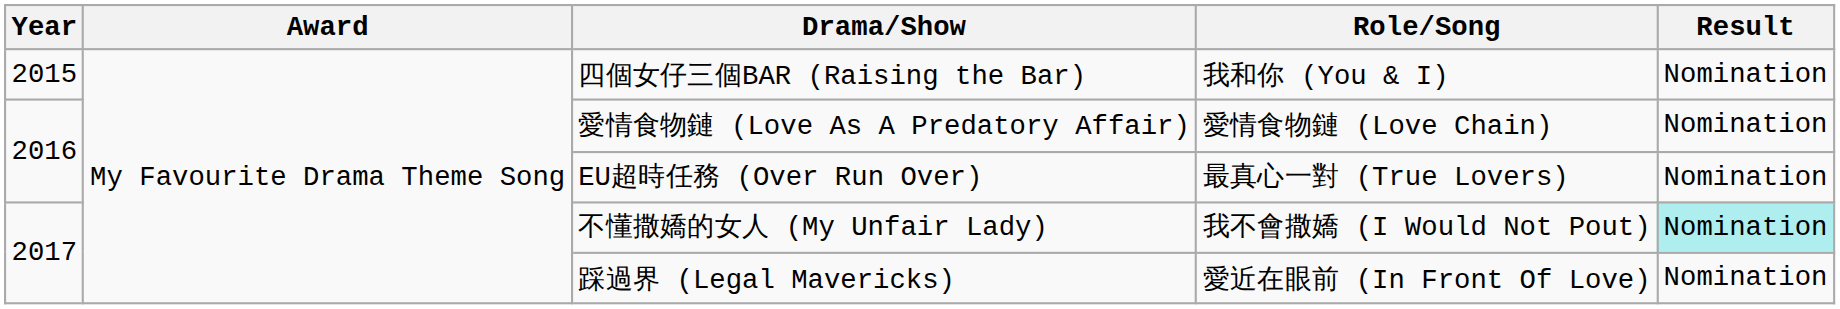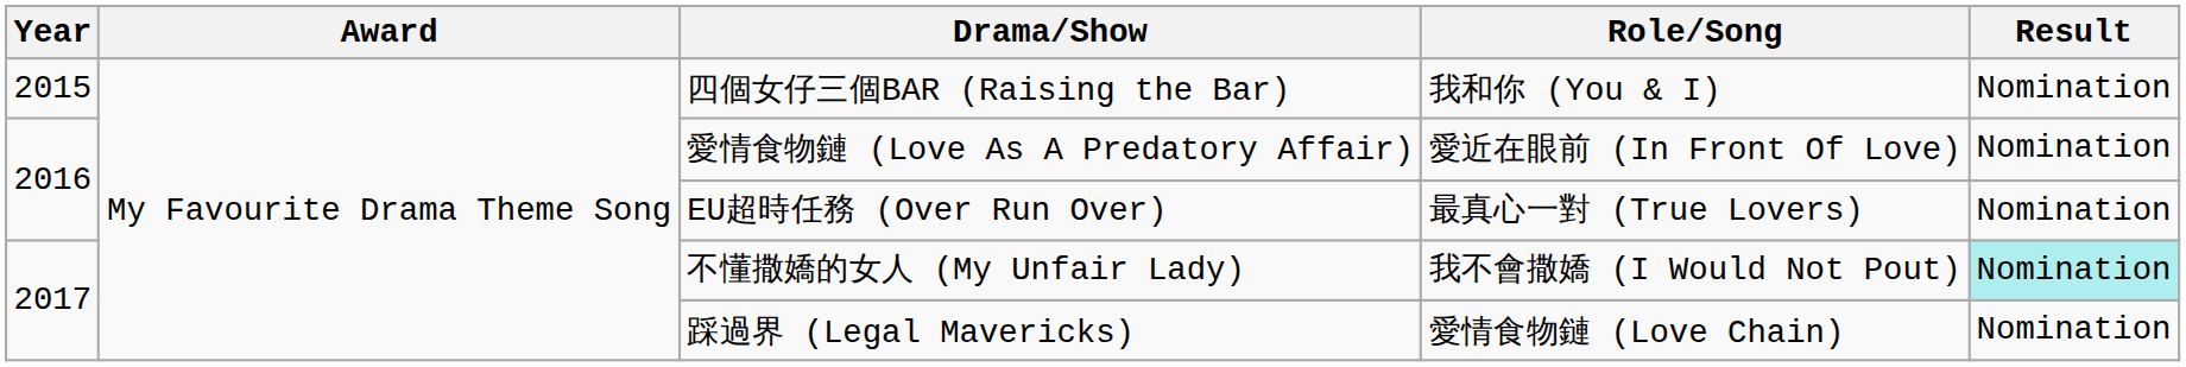 <table class="wikitable sortable">
 <tr>
 <th>Year</th>
 <th>Award</th>
 <th>Drama/Show</th>
 <th>Role/Song</th>
 <th>Result</th>
 </tr>
 <tr>
 <td>2015</td>
 <td rowspan="5">My Favourite Drama Theme Song</td>
 <td>四個女仔三個BAR (Raising the Bar)</td>
 <td>我和你 (You & I)</td>
 <td>Nomination</td>
 </tr>
 <tr>
 <td rowspan="2">2016</td>
 <td>愛情食物鏈 (Love As A Predatory Affair)</td>
-<td>愛情食物鏈 (Love Chain)</td>
+<td>愛近在眼前 (In Front Of Love)</td>
 <td>Nomination</td>
 </tr>
 <tr>
 <td>EU超時任務 (Over Run Over)</td>
 <td>最真心一對 (True Lovers)</td>
 <td>Nomination</td>
 </tr>
 <tr>
 <td rowspan="2">2017</td>
 <td>不懂撒嬌的女人 (My Unfair Lady)</td>
 <td>我不會撒嬌 (I Would Not Pout)</td>
 <td style="background: paleturquoise;">Nomination</td>
 </tr>
 <tr>
 <td>踩過界 (Legal Mavericks)</td>
-<td>愛近在眼前 (In Front Of Love)</td>
+<td>愛情食物鏈 (Love Chain)</td>
 <td>Nomination</td>
 </tr>
 </table>
